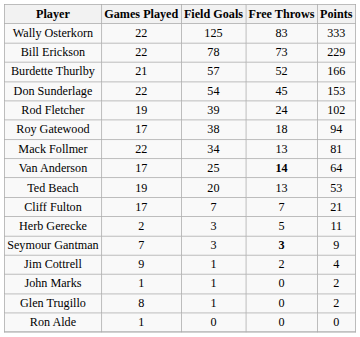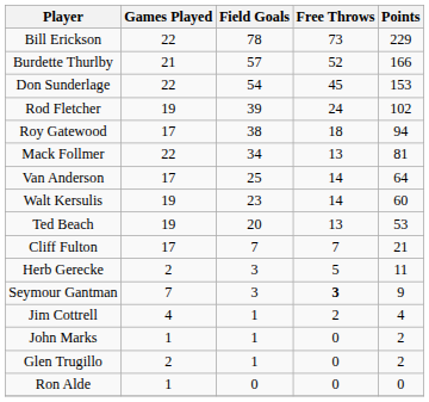 <table class="wikitable sortable">
 <tr>
 <th>Player</th>
 <th>Games Played</th>
 <th>Field Goals</th>
 <th>Free Throws</th>
 <th>Points</th>
-</tr>
-<tr align="center" bgcolor="">
-<td>Wally Osterkorn</td>
-<td>22</td>
-<td>125</td>
-<td>83</td>
-<td>333</td>
 </tr>
 <tr align="center" bgcolor="">
 <td>Bill Erickson</td>
 <td>22</td>
 <td>78</td>
 <td>73</td>
 <td>229</td>
 </tr>
 <tr align="center" bgcolor="">
 <td>Burdette Thurlby</td>
 <td>21</td>
 <td>57</td>
 <td>52</td>
 <td>166</td>
 </tr>
 <tr align="center" bgcolor="">
 <td>Don Sunderlage</td>
 <td>22</td>
 <td>54</td>
 <td>45</td>
 <td>153</td>
 </tr>
 <tr align="center" bgcolor="">
 <td>Rod Fletcher</td>
 <td>19</td>
 <td>39</td>
 <td>24</td>
 <td>102</td>
 </tr>
 <tr align="center" bgcolor="">
 <td>Roy Gatewood</td>
 <td>17</td>
 <td>38</td>
 <td>18</td>
 <td>94</td>
 </tr>
 <tr align="center" bgcolor="">
 <td>Mack Follmer</td>
 <td>22</td>
 <td>34</td>
 <td>13</td>
 <td>81</td>
 </tr>
 <tr align="center" bgcolor="">
 <td>Van Anderson</td>
 <td>17</td>
 <td>25</td>
-<td><strong>14</strong></td>
+<td>14</td>
 <td>64</td>
+</tr>
+<tr align="center" bgcolor="">
+<td>Walt Kersulis</td>
+<td>19</td>
+<td>23</td>
+<td>14</td>
+<td>60</td>
 </tr>
 <tr align="center" bgcolor="">
 <td>Ted Beach</td>
 <td>19</td>
 <td>20</td>
 <td>13</td>
 <td>53</td>
 </tr>
 <tr align="center" bgcolor="">
 <td>Cliff Fulton</td>
 <td>17</td>
 <td>7</td>
 <td>7</td>
 <td>21</td>
 </tr>
 <tr align="center" bgcolor="">
 <td>Herb Gerecke</td>
 <td>2</td>
 <td>3</td>
 <td>5</td>
 <td>11</td>
 </tr>
 <tr align="center" bgcolor="">
 <td>Seymour Gantman</td>
 <td>7</td>
 <td>3</td>
 <td><strong>3</strong></td>
 <td>9</td>
 </tr>
 <tr align="center" bgcolor="">
 <td>Jim Cottrell</td>
-<td>9</td>
+<td>4</td>
 <td>1</td>
 <td>2</td>
 <td>4</td>
 </tr>
 <tr align="center" bgcolor="">
 <td>John Marks</td>
 <td>1</td>
 <td>1</td>
 <td>0</td>
 <td>2</td>
 </tr>
 <tr align="center" bgcolor="">
 <td>Glen Trugillo</td>
-<td>8</td>
+<td>2</td>
 <td>1</td>
 <td>0</td>
 <td>2</td>
 </tr>
 <tr align="center" bgcolor="">
 <td>Ron Alde</td>
 <td>1</td>
 <td>0</td>
 <td>0</td>
 <td>0</td>
 </tr>
 <tr align="center" bgcolor="">
 </tr>
 </table>
